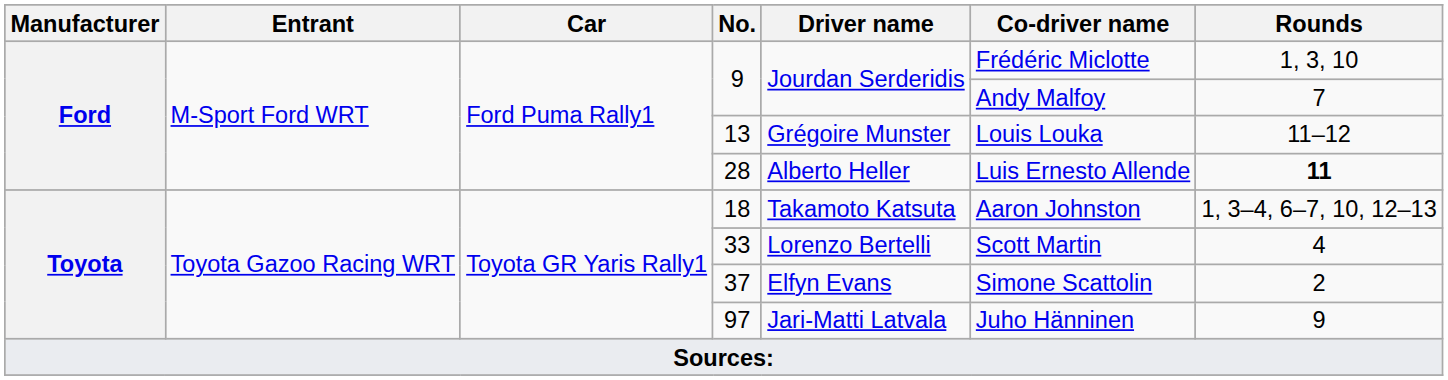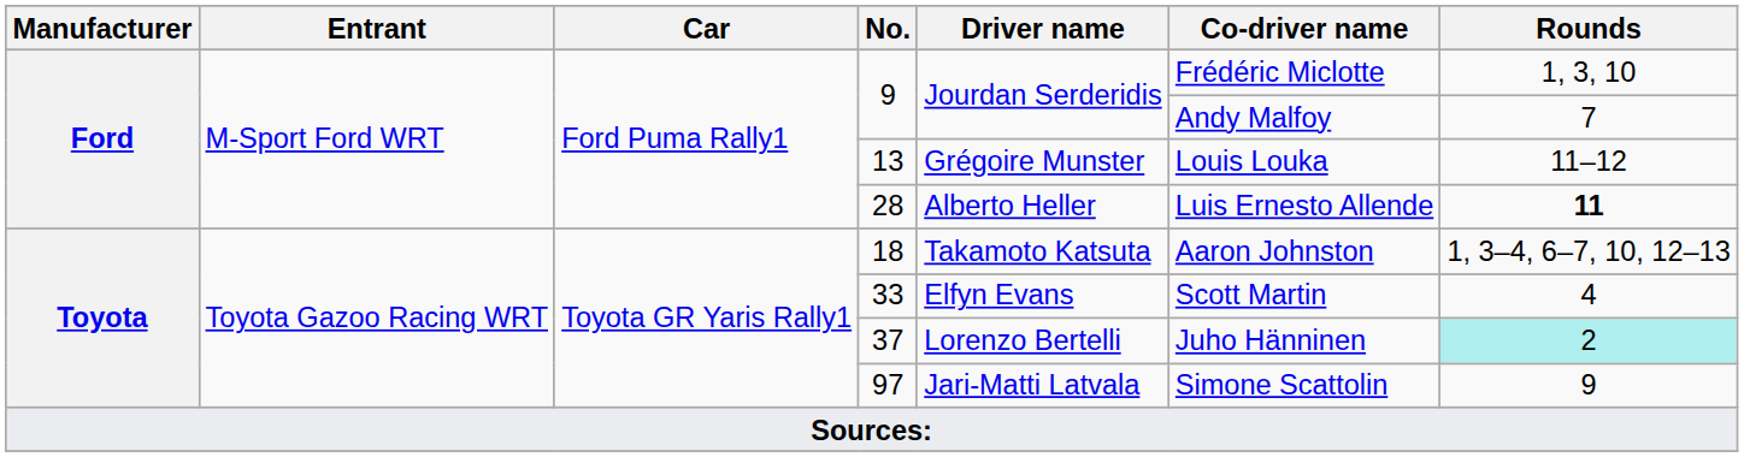 <table class="wikitable" style="font-size: 85%;">
 <tr>
 <th>Manufacturer</th>
 <th>Entrant</th>
 <th>Car</th>
 <th>No.</th>
 <th>Driver name</th>
 <th>Co-driver name</th>
 <th>Rounds</th>
 </tr>
 <tr>
 <th rowspan="4"><a href='#'>Ford</a></th>
 <td rowspan="4"> <a href='#'>M-Sport Ford WRT</a></td>
 <td rowspan="4"><a href='#'>Ford Puma Rally1</a></td>
 <td rowspan="2" align="center">9</td>
 <td rowspan="2"> <a href='#'>Jourdan Serderidis</a></td>
 <td> <a href='#'>Frédéric Miclotte</a></td>
 <td align="center">1, 3, 10</td>
 </tr>
 <tr>
 <td> <a href='#'>Andy Malfoy</a></td>
 <td align="center">7</td>
 </tr>
 <tr>
 <td align="center">13</td>
 <td> <a href='#'>Grégoire Munster</a></td>
 <td> <a href='#'>Louis Louka</a></td>
 <td align="center">11–12</td>
 </tr>
 <tr>
 <td align="center">28</td>
 <td> <a href='#'>Alberto Heller</a></td>
 <td> <a href='#'>Luis Ernesto Allende</a></td>
 <td align="center"><strong>11</strong></td>
 </tr>
 <tr>
 <th rowspan="4"><a href='#'>Toyota</a></th>
 <td rowspan="4"> <a href='#'>Toyota Gazoo Racing WRT</a></td>
 <td rowspan="4"><a href='#'>Toyota GR Yaris Rally1</a></td>
 <td align="center">18</td>
 <td> <a href='#'>Takamoto Katsuta</a></td>
 <td> <a href='#'>Aaron Johnston</a></td>
 <td align="center">1, 3–4, 6–7, 10, 12–13</td>
 </tr>
 <tr>
 <td align="center">33</td>
-<td> <a href='#'>Lorenzo Bertelli</a></td>
+<td> <a href='#'>Elfyn Evans</a></td>
 <td> <a href='#'>Scott Martin</a></td>
 <td align="center">4</td>
 </tr>
 <tr>
 <td align="center">37</td>
-<td> <a href='#'>Elfyn Evans</a></td>
-<td> <a href='#'>Simone Scattolin</a></td>
-<td align="center">2</td>
+<td> <a href='#'>Lorenzo Bertelli</a></td>
+<td> <a href='#'>Juho Hänninen</a></td>
+<td align="center" style="background: paleturquoise;">2</td>
 </tr>
 <tr>
 <td align="center">97</td>
 <td> <a href='#'>Jari-Matti Latvala</a></td>
-<td> <a href='#'>Juho Hänninen</a></td>
+<td> <a href='#'>Simone Scattolin</a></td>
 <td align="center">9</td>
 </tr>
 <tr>
 <td colspan="7" style="background-color:#EAECF0;text-align:center"><strong>Sources:</strong></td>
 </tr>
 </table>
